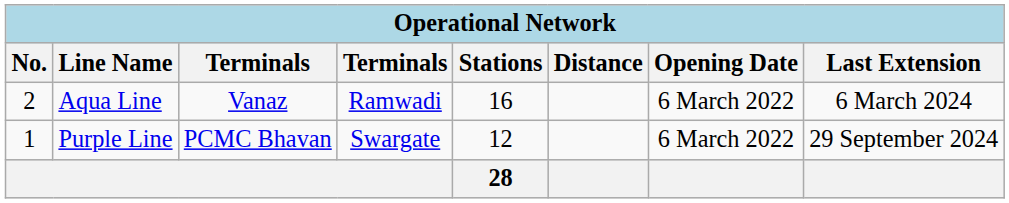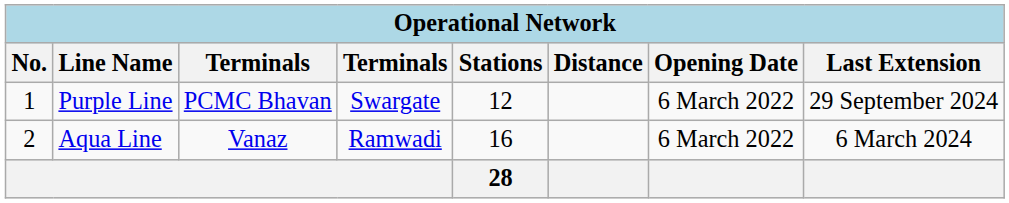 <table class="wikitable sortable" style="font-size:100%;margin:auto">
 <tr>
 <th colspan="8" style="background:#ADD8E6;">Operational Network</th>
 </tr>
 <tr>
 <th>No.</th>
 <th>Line Name</th>
 <th>Terminals</th>
 <th>Terminals</th>
 <th>Stations</th>
 <th>Distance</th>
 <th>Opening Date</th>
 <th>Last Extension</th>
 </tr>
 <tr>
+<td style="text-align:center;">1</td>
+<td rowspan="1" style="background:#"><a href='#'><span>Purple Line</span></a></td>
+<td style="text-align:center;"><a href='#'>PCMC Bhavan</a></td>
+<td style="text-align:center;"><a href='#'>Swargate</a></td>
+<td style="text-align:center;">12</td>
+<td style="text-align:center;"></td>
+<td style="text-align:center;">6 March 2022</td>
+<td style="text-align:center;">29 September 2024</td>
+</tr>
+<tr>
 <td style="text-align:center;">2</td>
 <td rowspan="1" style="background:#"><a href='#'><span>Aqua Line</span></a></td>
 <td style="text-align:center;"><a href='#'>Vanaz</a></td>
 <td style="text-align:center;"><a href='#'>Ramwadi</a></td>
 <td style="text-align:center;">16</td>
 <td style="text-align:center;"></td>
 <td style="text-align:center;">6 March 2022</td>
 <td style="text-align:center;">6 March 2024</td>
 </tr>
 <tr>
-<td style="text-align:center;">1</td>
-<td rowspan="1" style="background:#"><a href='#'><span>Purple Line</span></a></td>
-<td style="text-align:center;"><a href='#'>PCMC Bhavan</a></td>
-<td style="text-align:center;"><a href='#'>Swargate</a></td>
-<td style="text-align:center;">12</td>
-<td style="text-align:center;"></td>
-<td style="text-align:center;">6 March 2022</td>
-<td style="text-align:center;">29 September 2024</td>
-</tr>
-<tr>
 <th colspan="4"></th>
 <th>28</th>
 <th style="text-align:center;"></th>
 <th></th>
 <th></th>
 </tr>
 </table>
